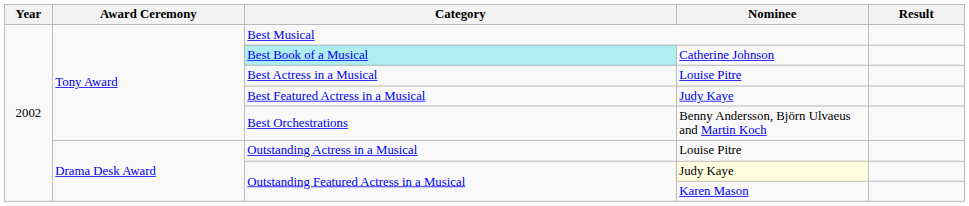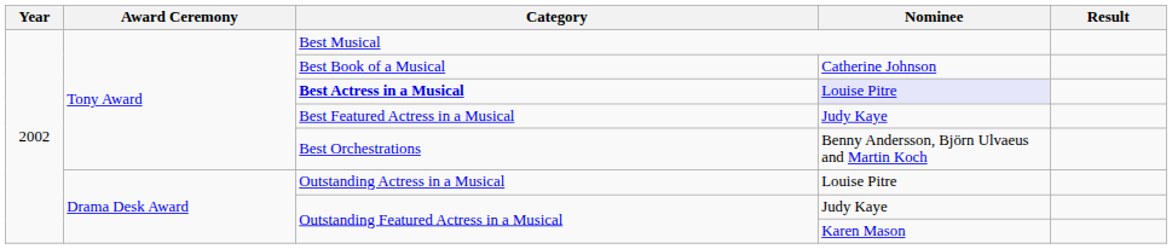 <table class="wikitable" style="width:95%;">
 <tr>
 <th style="width:5%;">Year</th>
 <th style="width:20%;">Award Ceremony</th>
 <th style="width:45%;">Category</th>
 <th style="width:20%;">Nominee</th>
 <th style="width:10%;">Result</th>
 </tr>
 <tr>
 <td rowspan="8" style="text-align:center;">2002</td>
 <td rowspan="5"><a href='#'>Tony Award</a></td>
 <td colspan="2"><a href='#'>Best Musical</a></td>
 <td></td>
 </tr>
 <tr>
-<td style="background: paleturquoise;"><a href='#'>Best Book of a Musical</a></td>
+<td><a href='#'>Best Book of a Musical</a></td>
 <td><a href='#'>Catherine Johnson</a></td>
 <td></td>
 </tr>
 <tr>
-<td><a href='#'>Best Actress in a Musical</a></td>
-<td><a href='#'>Louise Pitre</a></td>
+<td><strong><a href='#'>Best Actress in a Musical</a></strong></td>
+<td style="background: lavender;"><a href='#'>Louise Pitre</a></td>
 <td></td>
 </tr>
 <tr>
 <td><a href='#'>Best Featured Actress in a Musical</a></td>
 <td><a href='#'>Judy Kaye</a></td>
 <td></td>
 </tr>
 <tr>
 <td><a href='#'>Best Orchestrations</a></td>
 <td>Benny Andersson, Björn Ulvaeus and <a href='#'>Martin Koch</a></td>
 <td></td>
 </tr>
 <tr>
 <td rowspan=3><a href='#'>Drama Desk Award</a></td>
 <td><a href='#'>Outstanding Actress in a Musical</a></td>
 <td>Louise Pitre</td>
 <td></td>
 </tr>
 <tr>
 <td rowspan="2"><a href='#'>Outstanding Featured Actress in a Musical</a></td>
-<td style="background: lightyellow;">Judy Kaye</td>
+<td>Judy Kaye</td>
 <td></td>
 </tr>
 <tr>
 <td><a href='#'>Karen Mason</a></td>
 <td></td>
 </tr>
 </table>
